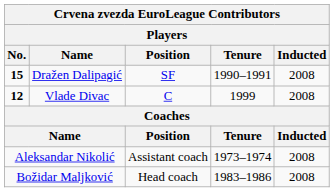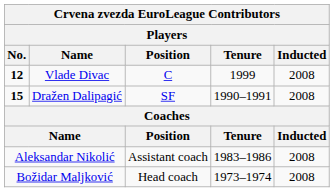 <table class="wikitable" style="text-align:center">
 <tr>
 <th colspan="5">Crvena zvezda EuroLeague Contributors</th>
 </tr>
 <tr>
 <th colspan="5">Players</th>
 </tr>
 <tr>
 <th>No.</th>
 <th>Name</th>
 <th>Position</th>
 <th>Tenure</th>
 <th>Inducted</th>
 </tr>
 <tr>
+<td><strong>12</strong></td>
+<td><a href='#'>Vlade Divac</a></td>
+<td><a href='#'>C</a></td>
+<td>1999</td>
+<td>2008</td>
+</tr>
+<tr>
 <td><strong>15</strong></td>
 <td><a href='#'>Dražen Dalipagić</a></td>
 <td><a href='#'>SF</a></td>
 <td>1990–1991</td>
-<td>2008</td>
-</tr>
-<tr>
-<td><strong>12</strong></td>
-<td><a href='#'>Vlade Divac</a></td>
-<td><a href='#'>C</a></td>
-<td>1999</td>
 <td>2008</td>
 </tr>
 <tr>
 <th colspan="5">Coaches</th>
 </tr>
 <tr>
 <th colspan=2>Name</th>
 <th>Position</th>
 <th>Tenure</th>
 <th>Inducted</th>
 </tr>
 <tr>
 <td colspan=2><a href='#'>Aleksandar Nikolić</a></td>
 <td>Assistant coach</td>
-<td>1973–1974</td>
+<td>1983–1986</td>
 <td>2008</td>
 </tr>
 <tr>
 <td colspan=2><a href='#'>Božidar Maljković</a></td>
 <td>Head coach</td>
-<td>1983–1986</td>
+<td>1973–1974</td>
 <td>2008</td>
 </tr>
 </table>
